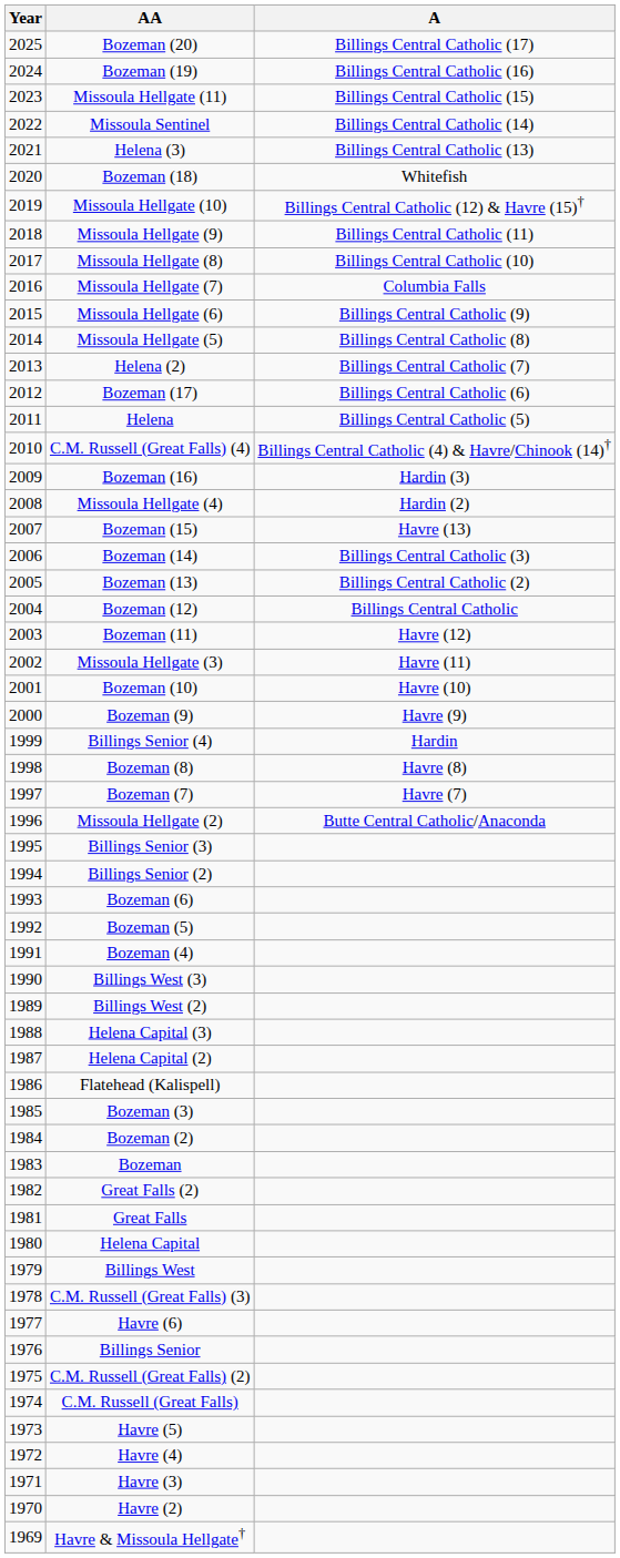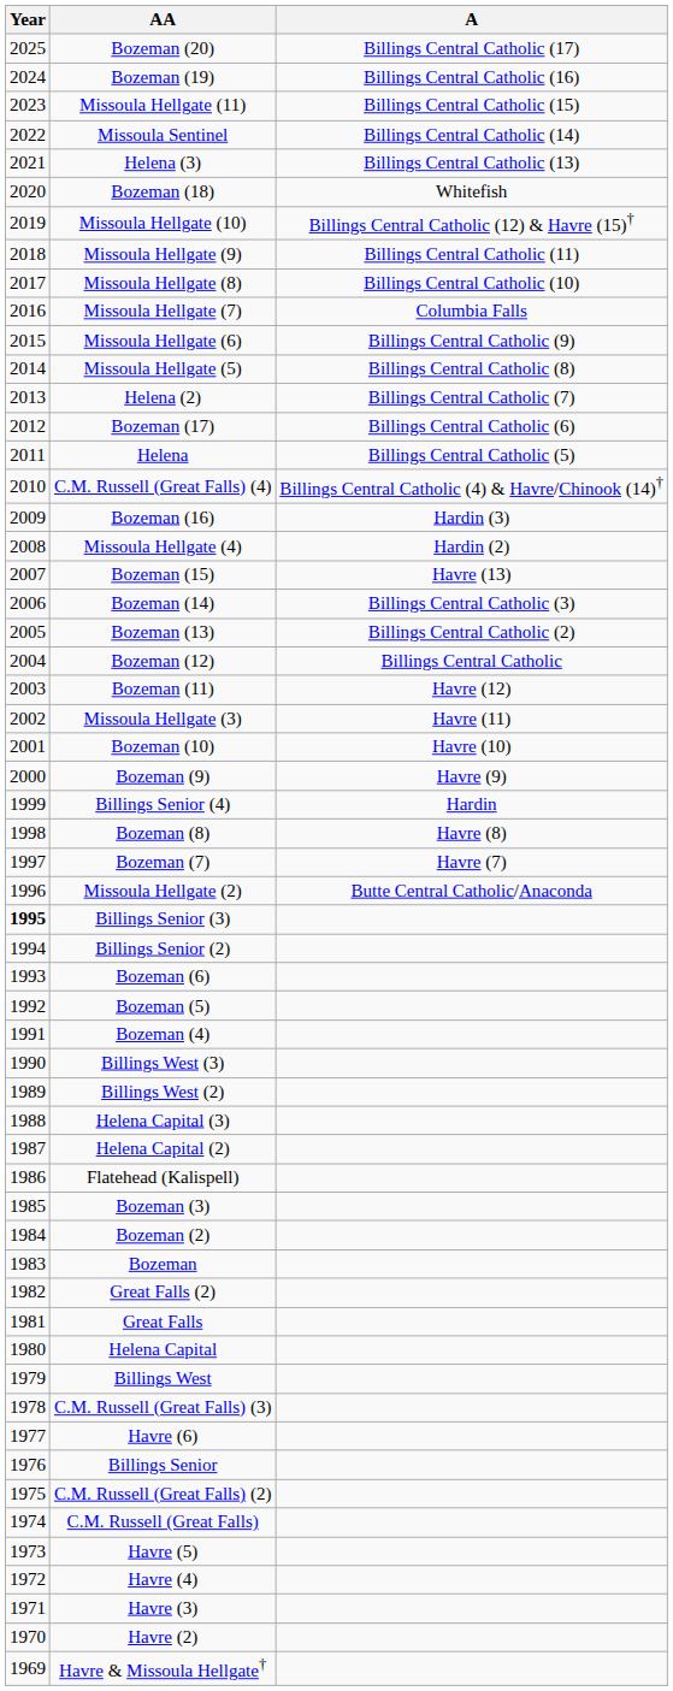 <table class="wikitable" style="text-align:center">
 <tr>
 <th>Year</th>
 <th>AA</th>
 <th>A</th>
 </tr>
 <tr>
 <td>2025</td>
 <td><a href='#'>Bozeman</a> (20)</td>
 <td><a href='#'>Billings Central Catholic</a> (17)</td>
 </tr>
 <tr>
 <td>2024</td>
 <td><a href='#'>Bozeman</a> (19)</td>
 <td><a href='#'>Billings Central Catholic</a> (16)</td>
 </tr>
 <tr>
 <td>2023</td>
 <td><a href='#'>Missoula Hellgate</a> (11)</td>
 <td><a href='#'>Billings Central Catholic</a> (15)</td>
 </tr>
 <tr>
 <td>2022</td>
 <td><a href='#'>Missoula Sentinel</a></td>
 <td><a href='#'>Billings Central Catholic</a> (14)</td>
 </tr>
 <tr>
 <td>2021</td>
 <td><a href='#'>Helena</a> (3)</td>
 <td><a href='#'>Billings Central Catholic</a> (13)</td>
 </tr>
 <tr>
 <td>2020</td>
 <td><a href='#'>Bozeman</a> (18)</td>
 <td>Whitefish</td>
 </tr>
 <tr>
 <td>2019</td>
 <td><a href='#'>Missoula Hellgate</a> (10)</td>
 <td><a href='#'>Billings Central Catholic</a> (12) & <a href='#'>Havre</a> (15)<sup>†</sup></td>
 </tr>
 <tr>
 <td>2018</td>
 <td><a href='#'>Missoula Hellgate</a> (9)</td>
 <td><a href='#'>Billings Central Catholic</a> (11)</td>
 </tr>
 <tr>
 <td>2017</td>
 <td><a href='#'>Missoula Hellgate</a> (8)</td>
 <td><a href='#'>Billings Central Catholic</a> (10)</td>
 </tr>
 <tr>
 <td>2016</td>
 <td><a href='#'>Missoula Hellgate</a> (7)</td>
 <td><a href='#'>Columbia Falls</a></td>
 </tr>
 <tr>
 <td>2015</td>
 <td><a href='#'>Missoula Hellgate</a> (6)</td>
 <td><a href='#'>Billings Central Catholic</a> (9)</td>
 </tr>
 <tr>
 <td>2014</td>
 <td><a href='#'>Missoula Hellgate</a> (5)</td>
 <td><a href='#'>Billings Central Catholic</a> (8)</td>
 </tr>
 <tr>
 <td>2013</td>
 <td><a href='#'>Helena</a> (2)</td>
 <td><a href='#'>Billings Central Catholic</a> (7)</td>
 </tr>
 <tr>
 <td>2012</td>
 <td><a href='#'>Bozeman</a> (17)</td>
 <td><a href='#'>Billings Central Catholic</a> (6)</td>
 </tr>
 <tr>
 <td>2011</td>
 <td><a href='#'>Helena</a></td>
 <td><a href='#'>Billings Central Catholic</a> (5)</td>
 </tr>
 <tr>
 <td>2010</td>
 <td><a href='#'>C.M. Russell (Great Falls)</a> (4)</td>
 <td><a href='#'>Billings Central Catholic</a> (4) & <a href='#'>Havre</a>/<a href='#'>Chinook</a> (14)<sup>†</sup></td>
 </tr>
 <tr>
 <td>2009</td>
 <td><a href='#'>Bozeman</a> (16)</td>
 <td><a href='#'>Hardin</a> (3)</td>
 </tr>
 <tr>
 <td>2008</td>
 <td><a href='#'>Missoula Hellgate</a> (4)</td>
 <td><a href='#'>Hardin</a> (2)</td>
 </tr>
 <tr>
 <td>2007</td>
 <td><a href='#'>Bozeman</a> (15)</td>
 <td><a href='#'>Havre</a> (13)</td>
 </tr>
 <tr>
 <td>2006</td>
 <td><a href='#'>Bozeman</a> (14)</td>
 <td><a href='#'>Billings Central Catholic</a> (3)</td>
 </tr>
 <tr>
 <td>2005</td>
 <td><a href='#'>Bozeman</a> (13)</td>
 <td><a href='#'>Billings Central Catholic</a> (2)</td>
 </tr>
 <tr>
 <td>2004</td>
 <td><a href='#'>Bozeman</a> (12)</td>
 <td><a href='#'>Billings Central Catholic</a></td>
 </tr>
 <tr>
 <td>2003</td>
 <td><a href='#'>Bozeman</a> (11)</td>
 <td><a href='#'>Havre</a> (12)</td>
 </tr>
 <tr>
 <td>2002</td>
 <td><a href='#'>Missoula Hellgate</a> (3)</td>
 <td><a href='#'>Havre</a> (11)</td>
 </tr>
 <tr>
 <td>2001</td>
 <td><a href='#'>Bozeman</a> (10)</td>
 <td><a href='#'>Havre</a> (10)</td>
 </tr>
 <tr>
 <td>2000</td>
 <td><a href='#'>Bozeman</a> (9)</td>
 <td><a href='#'>Havre</a> (9)</td>
 </tr>
 <tr>
 <td>1999</td>
 <td><a href='#'>Billings Senior</a> (4)</td>
 <td><a href='#'>Hardin</a></td>
 </tr>
 <tr>
 <td>1998</td>
 <td><a href='#'>Bozeman</a> (8)</td>
 <td><a href='#'>Havre</a> (8)</td>
 </tr>
 <tr>
 <td>1997</td>
 <td><a href='#'>Bozeman</a> (7)</td>
 <td><a href='#'>Havre</a> (7)</td>
 </tr>
 <tr>
 <td>1996</td>
 <td><a href='#'>Missoula Hellgate</a> (2)</td>
 <td><a href='#'>Butte Central Catholic</a>/<a href='#'>Anaconda</a></td>
 </tr>
 <tr>
-<td>1995</td>
+<td><strong>1995</strong></td>
 <td><a href='#'>Billings Senior</a> (3)</td>
 <td></td>
 </tr>
 <tr>
 <td>1994</td>
 <td><a href='#'>Billings Senior</a> (2)</td>
 <td></td>
 </tr>
 <tr>
 <td>1993</td>
 <td><a href='#'>Bozeman</a> (6)</td>
 <td></td>
 </tr>
 <tr>
 <td>1992</td>
 <td><a href='#'>Bozeman</a> (5)</td>
 <td></td>
 </tr>
 <tr>
 <td>1991</td>
 <td><a href='#'>Bozeman</a> (4)</td>
 <td></td>
 </tr>
 <tr>
 <td>1990</td>
 <td><a href='#'>Billings West</a> (3)</td>
 <td></td>
 </tr>
 <tr>
 <td>1989</td>
 <td><a href='#'>Billings West</a> (2)</td>
 <td></td>
 </tr>
 <tr>
 <td>1988</td>
 <td><a href='#'>Helena Capital</a> (3)</td>
 <td></td>
 </tr>
 <tr>
 <td>1987</td>
 <td><a href='#'>Helena Capital</a> (2)</td>
 <td></td>
 </tr>
 <tr>
 <td>1986</td>
 <td>Flatehead (Kalispell)</td>
 <td></td>
 </tr>
 <tr>
 <td>1985</td>
 <td><a href='#'>Bozeman</a> (3)</td>
 <td></td>
 </tr>
 <tr>
 <td>1984</td>
 <td><a href='#'>Bozeman</a> (2)</td>
 <td></td>
 </tr>
 <tr>
 <td>1983</td>
 <td><a href='#'>Bozeman</a></td>
 <td></td>
 </tr>
 <tr>
 <td>1982</td>
 <td><a href='#'>Great Falls</a> (2)</td>
 <td></td>
 </tr>
 <tr>
 <td>1981</td>
 <td><a href='#'>Great Falls</a></td>
 <td></td>
 </tr>
 <tr>
 <td>1980</td>
 <td><a href='#'>Helena Capital</a></td>
 <td></td>
 </tr>
 <tr>
 <td>1979</td>
 <td><a href='#'>Billings West</a></td>
 <td></td>
 </tr>
 <tr>
 <td>1978</td>
 <td><a href='#'>C.M. Russell (Great Falls)</a> (3)</td>
 <td></td>
 </tr>
 <tr>
 <td>1977</td>
 <td><a href='#'>Havre</a> (6)</td>
 <td></td>
 </tr>
 <tr>
 <td>1976</td>
 <td><a href='#'>Billings Senior</a></td>
 <td></td>
 </tr>
 <tr>
 <td>1975</td>
 <td><a href='#'>C.M. Russell (Great Falls)</a> (2)</td>
 <td></td>
 </tr>
 <tr>
 <td>1974</td>
 <td><a href='#'>C.M. Russell (Great Falls)</a></td>
 <td></td>
 </tr>
 <tr>
 <td>1973</td>
 <td><a href='#'>Havre</a> (5)</td>
 <td></td>
 </tr>
 <tr>
 <td>1972</td>
 <td><a href='#'>Havre</a> (4)</td>
 <td></td>
 </tr>
 <tr>
 <td>1971</td>
 <td><a href='#'>Havre</a> (3)</td>
 <td></td>
 </tr>
 <tr>
 <td>1970</td>
 <td><a href='#'>Havre</a> (2)</td>
 <td></td>
 </tr>
 <tr>
 <td>1969</td>
 <td><a href='#'>Havre</a> & <a href='#'>Missoula Hellgate</a><sup>†</sup></td>
 <td></td>
 </tr>
 </table>
